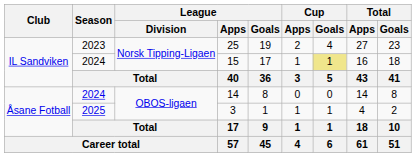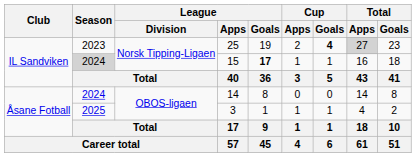 <table class="wikitable" style="text-align: center">
 <tr>
 <th rowspan="2">Club</th>
 <th rowspan="2">Season</th>
 <th colspan="3">League</th>
 <th colspan="2">Cup</th>
 <th colspan="2">Total</th>
 </tr>
 <tr>
 <th>Division</th>
 <th>Apps</th>
 <th>Goals</th>
 <th>Apps</th>
 <th>Goals</th>
 <th>Apps</th>
 <th>Goals</th>
 </tr>
 <tr>
 <td rowspan="3"><a href='#'>IL Sandviken</a></td>
 <td>2023</td>
 <td rowspan="2"><a href='#'>Norsk Tipping-Ligaen</a></td>
 <td>25</td>
 <td>19</td>
 <td>2</td>
-<td>4</td>
-<td>27</td>
+<td><strong>4</strong></td>
+<td style="background: lightgrey;">27</td>
 <td>23</td>
 </tr>
 <tr>
-<td>2024</td>
+<td style="background: lightgrey;">2024</td>
 <td>15</td>
-<td>17</td>
+<td><strong>17</strong></td>
 <td>1</td>
-<td style="background: khaki;">1</td>
+<td>1</td>
 <td>16</td>
 <td>18</td>
 </tr>
 <tr>
 <th colspan="2">Total</th>
 <th>40</th>
 <th>36</th>
 <th>3</th>
 <th>5</th>
 <th>43</th>
 <th>41</th>
 </tr>
 <tr>
 <td rowspan="3"><a href='#'>Åsane Fotball</a></td>
 <td><a href='#'>2024</a></td>
 <td rowspan="2"><a href='#'>OBOS-ligaen</a></td>
 <td>14</td>
 <td>8</td>
 <td>0</td>
 <td>0</td>
 <td>14</td>
 <td>8</td>
 </tr>
 <tr>
 <td><a href='#'>2025</a></td>
 <td>3</td>
 <td>1</td>
 <td>1</td>
 <td>1</td>
 <td>4</td>
 <td>2</td>
 </tr>
 <tr>
 <th colspan="2">Total</th>
 <th>17</th>
 <th>9</th>
 <th>1</th>
 <th>1</th>
 <th>18</th>
 <th>10</th>
 </tr>
 <tr>
 <th colspan="3">Career total</th>
 <th>57</th>
 <th>45</th>
 <th>4</th>
 <th>6</th>
 <th>61</th>
 <th>51</th>
 </tr>
 </table>
